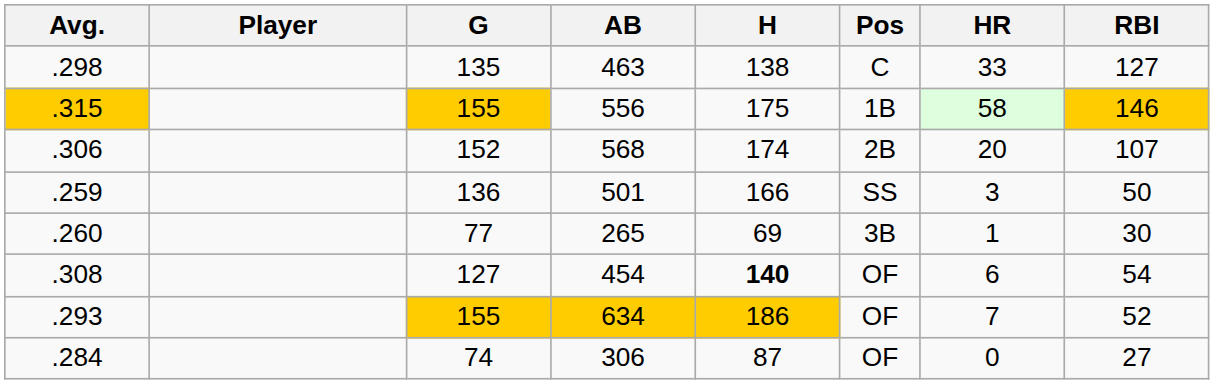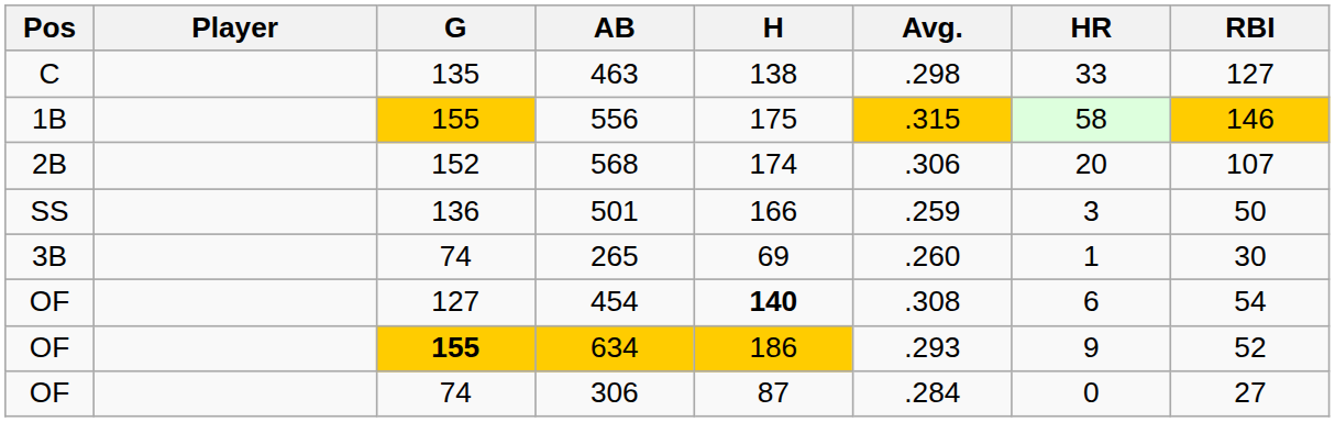 <table class="wikitable sortable">
 <tr>
-<th bgcolor="#DDDDFF" width="9%">Avg.</th>
+<th bgcolor="#DDDDFF" width="5%">Pos</th>
 <th bgcolor="#DDDDFF" width="16%">Player</th>
 <th bgcolor="#DDDDFF" width="9%">G</th>
 <th bgcolor="#DDDDFF" width="9%">AB</th>
 <th bgcolor="#DDDDFF" width="9%">H</th>
-<th bgcolor="#DDDDFF" width="5%">Pos</th>
+<th bgcolor="#DDDDFF" width="9%">Avg.</th>
 <th bgcolor="#DDDDFF" width="9%">HR</th>
 <th bgcolor="#DDDDFF" width="9%">RBI</th>
 </tr>
 <tr align="center">
-<td>.298</td>
+<td>C</td>
 <td></td>
 <td>135</td>
 <td>463</td>
 <td>138</td>
-<td>C</td>
+<td>.298</td>
 <td>33</td>
 <td>127</td>
 </tr>
 <tr align="center">
-<td style="background:#fc0;">.315</td>
+<td>1B</td>
 <td></td>
 <td style="background:#fc0;">155</td>
 <td>556</td>
 <td>175</td>
-<td>1B</td>
+<td style="background:#fc0;">.315</td>
 <td style="background:#DDFFDD;">58</td>
 <td style="background:#fc0;">146</td>
 </tr>
 <tr align="center">
-<td>.306</td>
+<td>2B</td>
 <td></td>
 <td>152</td>
 <td>568</td>
 <td>174</td>
-<td>2B</td>
+<td>.306</td>
 <td>20</td>
 <td>107</td>
 </tr>
 <tr align="center">
-<td>.259</td>
+<td>SS</td>
 <td></td>
 <td>136</td>
 <td>501</td>
 <td>166</td>
-<td>SS</td>
+<td>.259</td>
 <td>3</td>
 <td>50</td>
 </tr>
 <tr align="center">
-<td>.260</td>
+<td>3B</td>
 <td></td>
-<td>77</td>
+<td>74</td>
 <td>265</td>
 <td>69</td>
-<td>3B</td>
+<td>.260</td>
 <td>1</td>
 <td>30</td>
 </tr>
 <tr align="center">
-<td>.308</td>
+<td>OF</td>
 <td></td>
 <td>127</td>
 <td>454</td>
 <td><strong>140</strong></td>
-<td>OF</td>
+<td>.308</td>
 <td>6</td>
 <td>54</td>
 </tr>
 <tr align="center">
-<td>.293</td>
+<td>OF</td>
 <td></td>
-<td style="background:#fc0;">155</td>
+<td style="background:#fc0;"><strong>155</strong></td>
 <td style="background:#fc0;">634</td>
 <td style="background:#fc0;">186</td>
-<td>OF</td>
-<td>7</td>
+<td>.293</td>
+<td>9</td>
 <td>52</td>
 </tr>
 <tr align="center">
-<td>.284</td>
+<td>OF</td>
 <td></td>
 <td>74</td>
 <td>306</td>
 <td>87</td>
-<td>OF</td>
+<td>.284</td>
 <td>0</td>
 <td>27</td>
 </tr>
 </table>
